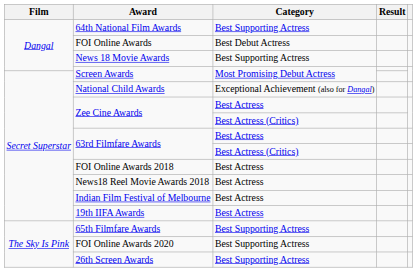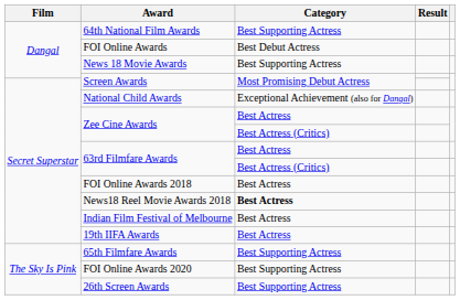 <table class="wikitable sortable">
 <tr>
 <th>Film</th>
 <th>Award</th>
 <th>Category</th>
 <th>Result</th>
 <th scope="col" class="unsortable"></th>
 </tr>
 <tr>
 <td style="text-align:center;" rowspan="4"><em><a href='#'>Dangal</a></em></td>
 <td><a href='#'>64th National Film Awards</a></td>
 <td><a href='#'>Best Supporting Actress</a></td>
 <td></td>
 <td><br></td>
 </tr>
 <tr>
 <td>FOI Online Awards</td>
 <td>Best Debut Actress</td>
 <td></td>
 <td></td>
 </tr>
 <tr>
 <td><a href='#'>News 18 Movie Awards</a></td>
 <td>Best Supporting Actress</td>
 <td></td>
 <td></td>
 </tr>
 <tr>
 <td rowspan="2"><a href='#'>Screen Awards</a></td>
 <td rowspan=2><a href='#'>Most Promising Debut Actress</a></td>
 <td></td>
 <td rowspan=2><br></td>
 </tr>
 <tr>
 <td style="text-align:center;" rowspan="10"><em><a href='#'>Secret Superstar</a></em></td>
 <td></td>
 </tr>
 <tr>
 <td><a href='#'>National Child Awards</a></td>
 <td>Exceptional Achievement <small>(also for <em><a href='#'>Dangal</a></em>)</small></td>
 <td></td>
 <td><br></td>
 </tr>
 <tr>
 <td rowspan="2"><a href='#'>Zee Cine Awards</a></td>
 <td><a href='#'>Best Actress</a></td>
 <td></td>
 <td rowspan="2"></td>
 </tr>
 <tr>
 <td><a href='#'>Best Actress (Critics)</a></td>
 <td></td>
 </tr>
 <tr>
 <td rowspan=2><a href='#'>63rd Filmfare Awards</a></td>
 <td><a href='#'>Best Actress</a></td>
 <td></td>
 <td></td>
 </tr>
 <tr>
 <td><a href='#'>Best Actress (Critics)</a></td>
 <td></td>
 <td></td>
 </tr>
 <tr>
 <td>FOI Online Awards 2018</td>
 <td>Best Actress</td>
 <td></td>
 <td></td>
 </tr>
 <tr>
 <td>News18 Reel Movie Awards 2018</td>
-<td>Best Actress</td>
+<td><strong>Best Actress</strong></td>
 <td></td>
 <td></td>
 </tr>
 <tr>
 <td><a href='#'>Indian Film Festival of Melbourne</a></td>
 <td>Best Actress</td>
 <td></td>
 <td></td>
 </tr>
 <tr>
 <td><a href='#'>19th IIFA Awards</a></td>
 <td><a href='#'>Best Actress</a></td>
 <td></td>
 <td></td>
 </tr>
 <tr>
 <td style="text-align:center;" rowspan="3"><em><a href='#'>The Sky Is Pink</a></em></td>
 <td><a href='#'>65th Filmfare Awards</a></td>
 <td><a href='#'>Best Supporting Actress</a></td>
 <td></td>
 <td></td>
 </tr>
 <tr>
 <td>FOI Online Awards 2020</td>
 <td>Best Supporting Actress</td>
 <td></td>
 <td></td>
 </tr>
 <tr>
 <td><a href='#'>26th Screen Awards</a></td>
 <td><a href='#'>Best Supporting Actress</a></td>
 <td></td>
 <td></td>
 </tr>
 </table>
